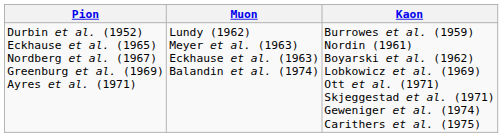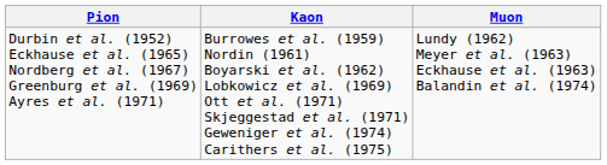 <table class=wikitable>
 <tr>
 <th><a href='#'>Pion</a></th>
+<th><a href='#'>Kaon</a></th>
 <th><a href='#'>Muon</a></th>
-<th><a href='#'>Kaon</a></th>
 </tr>
 <tr>
 <td valign=top>Durbin <em>et al.</em> (1952)<br>Eckhause <em>et al.</em> (1965)<br>Nordberg <em>et al.</em> (1967)<br>Greenburg <em>et al.</em> (1969)<br>Ayres <em>et al.</em> (1971)</td>
+<td valign=top>Burrowes <em>et al.</em> (1959)<br>Nordin (1961)<br>Boyarski <em>et al.</em> (1962)<br>Lobkowicz <em>et al.</em> (1969)<br>Ott <em>et al.</em> (1971)<br>Skjeggestad <em>et al.</em> (1971)<br>Geweniger <em>et al.</em> (1974)<br>Carithers <em>et al.</em> (1975)</td>
 <td valign=top>Lundy (1962)<br>Meyer <em>et al.</em> (1963)<br>Eckhause <em>et al.</em> (1963)<br>Balandin <em>et al.</em> (1974)</td>
-<td valign=top>Burrowes <em>et al.</em> (1959)<br>Nordin (1961)<br>Boyarski <em>et al.</em> (1962)<br>Lobkowicz <em>et al.</em> (1969)<br>Ott <em>et al.</em> (1971)<br>Skjeggestad <em>et al.</em> (1971)<br>Geweniger <em>et al.</em> (1974)<br>Carithers <em>et al.</em> (1975)</td>
 </tr>
 </table>
